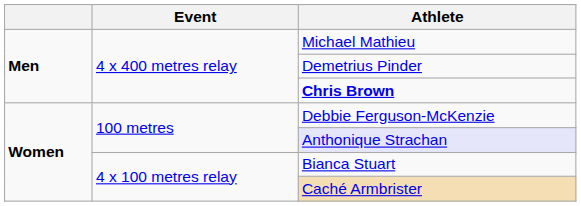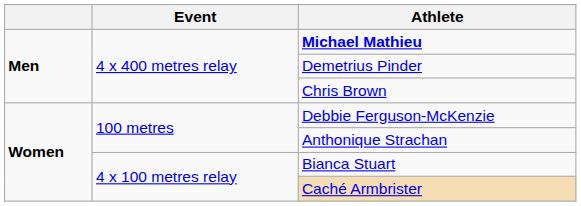 <table class=wikitable style="font-size:90%" width=60%>
 <tr>
 <th></th>
 <th>Event</th>
 <th>Athlete</th>
 </tr>
 <tr>
 <td rowspan=3><strong>Men</strong></td>
 <td rowspan=3><a href='#'>4 x 400 metres relay</a></td>
-<td><a href='#'>Michael Mathieu</a></td>
+<td><strong><a href='#'>Michael Mathieu</a></strong></td>
 </tr>
 <tr>
 <td><a href='#'>Demetrius Pinder</a></td>
 </tr>
 <tr>
-<td><strong><a href='#'>Chris Brown</a></strong></td>
+<td><a href='#'>Chris Brown</a></td>
 </tr>
 <tr>
 <td rowspan=4><strong>Women</strong></td>
 <td rowspan=2><a href='#'>100 metres</a></td>
 <td><a href='#'>Debbie Ferguson-McKenzie</a></td>
 </tr>
 <tr>
-<td style="background: lavender;"><a href='#'>Anthonique Strachan</a></td>
+<td><a href='#'>Anthonique Strachan</a></td>
 </tr>
 <tr>
 <td rowspan=2><a href='#'>4 x 100 metres relay</a></td>
 <td><a href='#'>Bianca Stuart</a></td>
 </tr>
 <tr>
 <td bgcolor="wheat"><a href='#'>Caché Armbrister</a></td>
 </tr>
 </table>
